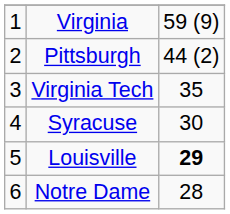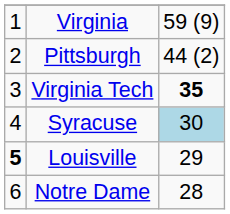 <table class="wikitable" style="display: inline-table;">
 <tr align="center">
 </tr>
 <tr align="center">
 <td>1</td>
 <td><a href='#'>Virginia</a></td>
 <td>59 (9)</td>
 </tr>
 <tr align="center">
 <td>2</td>
 <td><a href='#'>Pittsburgh</a></td>
 <td>44 (2)</td>
 </tr>
 <tr align="center">
 <td>3</td>
 <td><a href='#'>Virginia Tech</a></td>
-<td>35</td>
+<td><strong>35</strong></td>
 </tr>
 <tr align="center">
 <td>4</td>
 <td><a href='#'>Syracuse</a></td>
-<td>30</td>
+<td style="background: lightblue;">30</td>
 </tr>
 <tr align="center">
-<td>5</td>
+<td><strong>5</strong></td>
 <td><a href='#'>Louisville</a></td>
-<td><strong>29</strong></td>
+<td>29</td>
 </tr>
 <tr align="center">
 <td>6</td>
 <td><a href='#'>Notre Dame</a></td>
 <td>28</td>
 </tr>
 </table>
